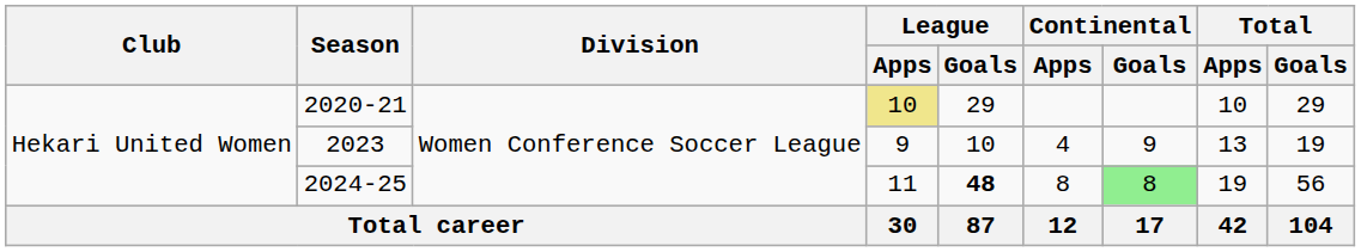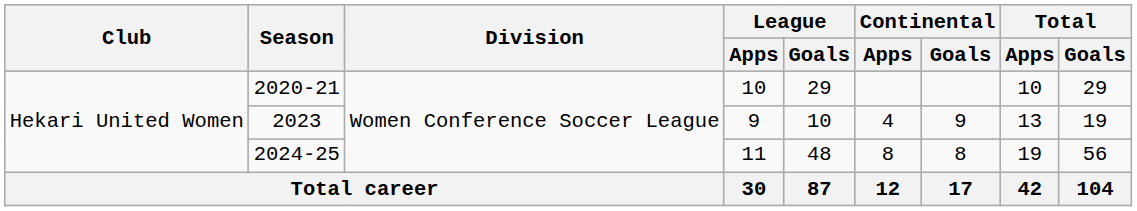 <table class="wikitable" style="text-align:center;">
 <tr>
 <th rowspan=2>Club</th>
 <th rowspan=2>Season</th>
 <th rowspan=2>Division</th>
 <th colspan=2>League</th>
 <th colspan=2>Continental</th>
 <th colspan=2>Total</th>
 </tr>
 <tr>
 <th>Apps</th>
 <th>Goals</th>
 <th>Apps</th>
 <th>Goals</th>
 <th>Apps</th>
 <th>Goals</th>
 </tr>
 <tr>
 <td rowspan=3>Hekari United Women</td>
 <td>2020-21</td>
 <td rowspan=3>Women Conference Soccer League</td>
-<td style="background: khaki;">10</td>
+<td>10</td>
 <td>29</td>
 <td></td>
 <td></td>
 <td>10</td>
 <td>29</td>
 </tr>
 <tr>
 <td>2023</td>
 <td>9</td>
 <td>10</td>
 <td>4</td>
 <td>9</td>
 <td>13</td>
 <td>19</td>
 </tr>
 <tr>
 <td>2024-25</td>
 <td>11</td>
-<td><strong>48</strong></td>
+<td>48</td>
 <td>8</td>
-<td style="background: lightgreen;">8</td>
+<td>8</td>
 <td>19</td>
 <td>56</td>
 </tr>
 <tr>
 <th colspan=3>Total career</th>
 <th>30</th>
 <th>87</th>
 <th>12</th>
 <th>17</th>
 <th>42</th>
 <th>104</th>
 </tr>
 </table>
